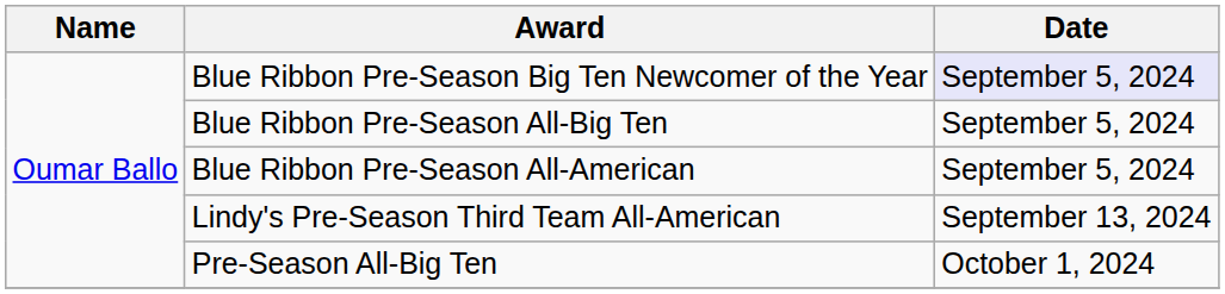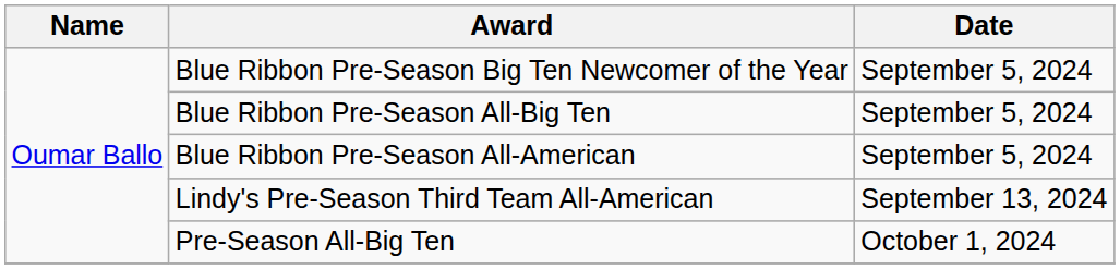 <table class=wikitable "border="1">
 <tr align=center>
 <th>Name</th>
 <th>Award</th>
 <th>Date</th>
 </tr>
 <tr>
 <td rowspan=5><a href='#'>Oumar Ballo</a></td>
 <td>Blue Ribbon Pre-Season Big Ten Newcomer of the Year</td>
-<td style="background: lavender;">September 5, 2024</td>
+<td>September 5, 2024</td>
 </tr>
 <tr>
 <td>Blue Ribbon Pre-Season All-Big Ten</td>
 <td>September 5, 2024</td>
 </tr>
 <tr>
 <td>Blue Ribbon Pre-Season All-American</td>
 <td>September 5, 2024</td>
 </tr>
 <tr>
 <td>Lindy's Pre-Season Third Team All-American</td>
 <td>September 13, 2024</td>
 </tr>
 <tr>
 <td>Pre-Season All-Big Ten</td>
 <td>October 1, 2024</td>
 </tr>
 <tr>
 </tr>
 </table>
